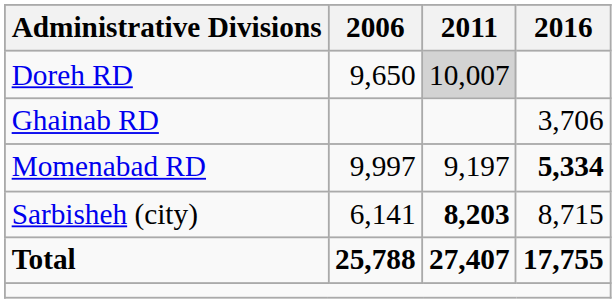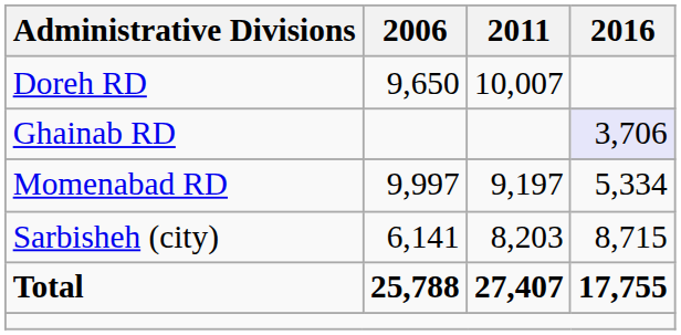 <table class="wikitable">
 <tr>
 <th>Administrative Divisions</th>
 <th>2006</th>
 <th>2011</th>
 <th>2016</th>
 </tr>
 <tr>
 <td><a href='#'>Doreh RD</a></td>
 <td style="text-align: right;">9,650</td>
-<td style="background: lightgrey; text-align: right;">10,007</td>
+<td style="text-align: right;">10,007</td>
 <td style="text-align: right;"></td>
 </tr>
 <tr>
 <td><a href='#'>Ghainab RD</a></td>
 <td style="text-align: right;"></td>
 <td style="text-align: right;"></td>
-<td style="text-align: right;">3,706</td>
+<td style="background: lavender; text-align: right;">3,706</td>
 </tr>
 <tr>
 <td><a href='#'>Momenabad RD</a></td>
 <td style="text-align: right;">9,997</td>
 <td style="text-align: right;">9,197</td>
-<td style="text-align: right;"><strong>5,334</strong></td>
+<td style="text-align: right;">5,334</td>
 </tr>
 <tr>
 <td><a href='#'>Sarbisheh</a> (city)</td>
 <td style="text-align: right;">6,141</td>
-<td style="text-align: right;"><strong>8,203</strong></td>
+<td style="text-align: right;">8,203</td>
 <td style="text-align: right;">8,715</td>
 </tr>
 <tr>
 <td><strong>Total</strong></td>
 <td style="text-align: right;"><strong>25,788</strong></td>
 <td style="text-align: right;"><strong>27,407</strong></td>
 <td style="text-align: right;"><strong>17,755</strong></td>
 </tr>
 <tr>
 <td colspan=4></td>
 </tr>
 </table>
